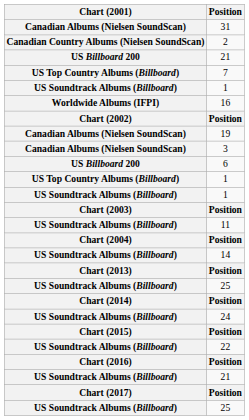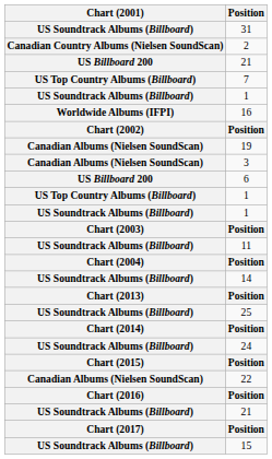 <table class="wikitable plainrowheaders" style="text-align:center">
 <tr>
 <th scope="col">Chart (2001)</th>
 <th scope="col">Position</th>
 </tr>
 <tr>
-<th scope="row">Canadian Albums (Nielsen SoundScan) </th>
+<th scope="row">US Soundtrack Albums (<em>Billboard</em>)</th>
 <td>31</td>
 </tr>
 <tr>
 <th scope="row">Canadian Country Albums (Nielsen SoundScan)</th>
 <td>2</td>
 </tr>
 <tr>
 <th scope="row">US <em>Billboard</em> 200</th>
 <td>21</td>
 </tr>
 <tr>
 <th scope="row">US Top Country Albums (<em>Billboard</em>)</th>
 <td>7</td>
 </tr>
 <tr>
 <th scope="row">US Soundtrack Albums (<em>Billboard</em>)</th>
 <td>1</td>
 </tr>
 <tr>
 <th scope="row">Worldwide Albums (IFPI)</th>
 <td style="text-align:center;">16</td>
 </tr>
 <tr>
 <th scope="col">Chart (2002)</th>
 <th scope="col">Position</th>
 </tr>
 <tr>
 <th scope="row">Canadian Albums (Nielsen SoundScan)</th>
 <td>19</td>
 </tr>
 <tr>
 <th scope="row">Canadian Albums (Nielsen SoundScan) </th>
 <td>3</td>
 </tr>
 <tr>
 <th scope="row">US <em>Billboard</em> 200</th>
 <td>6</td>
 </tr>
 <tr>
 <th scope="row">US Top Country Albums (<em>Billboard</em>)</th>
 <td>1</td>
 </tr>
 <tr>
 <th scope="row">US Soundtrack Albums (<em>Billboard</em>)</th>
 <td>1</td>
 </tr>
 <tr>
 <th scope="col">Chart (2003)</th>
 <th scope="col">Position</th>
 </tr>
 <tr>
 <th scope="row">US Soundtrack Albums (<em>Billboard</em>)</th>
 <td>11</td>
 </tr>
 <tr>
 <th scope="col">Chart (2004)</th>
 <th scope="col">Position</th>
 </tr>
 <tr>
 <th scope="row">US Soundtrack Albums (<em>Billboard</em>)</th>
 <td>14</td>
 </tr>
 <tr>
 <th scope="col">Chart (2013)</th>
 <th scope="col">Position</th>
 </tr>
 <tr>
 <th scope="row">US Soundtrack Albums (<em>Billboard</em>)</th>
 <td>25</td>
 </tr>
 <tr>
 <th scope="col">Chart (2014)</th>
 <th scope="col">Position</th>
 </tr>
 <tr>
 <th scope="row">US Soundtrack Albums (<em>Billboard</em>)</th>
 <td>24</td>
 </tr>
 <tr>
 <th scope="col">Chart (2015)</th>
 <th scope="col">Position</th>
 </tr>
 <tr>
-<th scope="row">US Soundtrack Albums (<em>Billboard</em>)</th>
+<th scope="row">Canadian Albums (Nielsen SoundScan) </th>
 <td>22</td>
 </tr>
 <tr>
 <th scope="col">Chart (2016)</th>
 <th scope="col">Position</th>
 </tr>
 <tr>
 <th scope="row">US Soundtrack Albums (<em>Billboard</em>)</th>
 <td>21</td>
 </tr>
 <tr>
 <th scope="col">Chart (2017)</th>
 <th scope="col">Position</th>
 </tr>
 <tr>
 <th scope="row">US Soundtrack Albums (<em>Billboard</em>)</th>
-<td>25</td>
+<td>15</td>
 </tr>
 </table>
